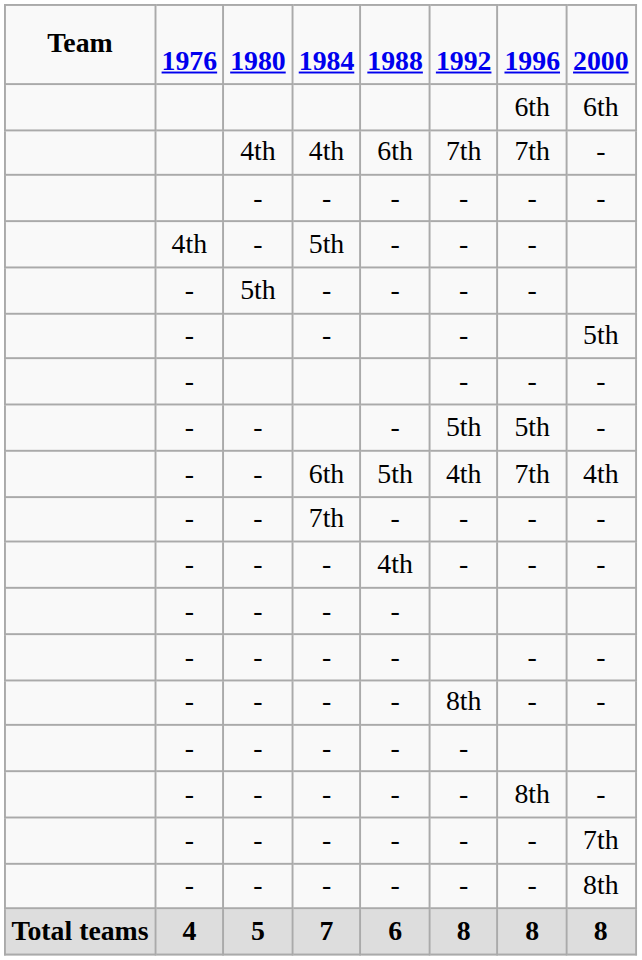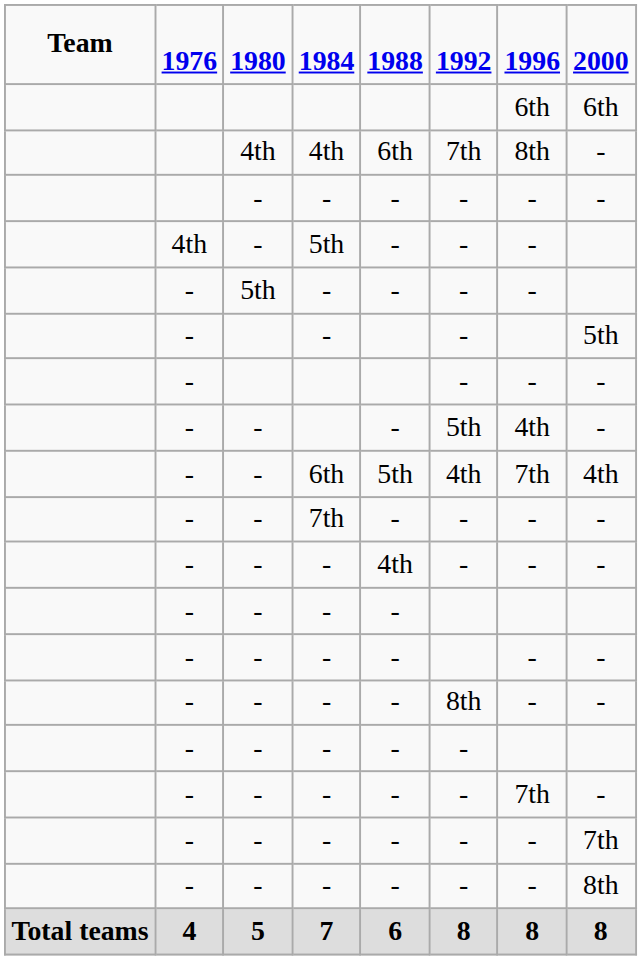 <table class="wikitable" style="text-align:center; font-size:90%">
 <tr bgcolor=>
 <td><strong>Team</strong></td>
 <td><strong><br><a href='#'>1976</a></strong></td>
 <td><strong><br><a href='#'>1980</a></strong></td>
 <td><strong><br><a href='#'>1984</a></strong></td>
 <td><strong><br><a href='#'>1988</a></strong></td>
 <td><strong><br><a href='#'>1992</a></strong></td>
 <td><strong><br><a href='#'>1996</a></strong></td>
 <td><strong><br><a href='#'>2000</a></strong></td>
 </tr>
 <tr>
 <td align=left></td>
 <td></td>
 <td></td>
 <td></td>
 <td></td>
 <td></td>
 <td>6th</td>
 <td>6th</td>
 </tr>
 <tr>
 <td align=left></td>
 <td></td>
 <td>4th</td>
 <td>4th</td>
 <td>6th</td>
 <td>7th</td>
-<td>7th</td>
+<td>8th</td>
 <td>-</td>
 </tr>
 <tr>
 <td align=left></td>
 <td></td>
 <td>-</td>
 <td>-</td>
 <td>-</td>
 <td>-</td>
 <td>-</td>
 <td>-</td>
 </tr>
 <tr>
 <td align=left></td>
 <td>4th</td>
 <td>-</td>
 <td>5th</td>
 <td>-</td>
 <td>-</td>
 <td>-</td>
 <td></td>
 </tr>
 <tr>
 <td align=left></td>
 <td>-</td>
 <td>5th</td>
 <td>-</td>
 <td>-</td>
 <td>-</td>
 <td>-</td>
 </tr>
 <tr>
 <td align=left></td>
 <td>-</td>
 <td></td>
 <td>-</td>
 <td></td>
 <td>-</td>
 <td></td>
 <td>5th</td>
 </tr>
 <tr>
 <td align=left></td>
 <td>-</td>
 <td></td>
 <td></td>
 <td></td>
 <td>-</td>
 <td>-</td>
 <td>-</td>
 </tr>
 <tr>
 <td align=left></td>
 <td>-</td>
 <td>-</td>
 <td></td>
 <td>-</td>
 <td>5th</td>
-<td>5th</td>
+<td>4th</td>
 <td>-</td>
 </tr>
 <tr>
 <td align=left></td>
 <td>-</td>
 <td>-</td>
 <td>6th</td>
 <td>5th</td>
 <td>4th</td>
 <td>7th</td>
 <td>4th</td>
 </tr>
 <tr>
 <td align=left></td>
 <td>-</td>
 <td>-</td>
 <td>7th</td>
 <td>-</td>
 <td>-</td>
 <td>-</td>
 <td>-</td>
 </tr>
 <tr>
 <td align=left></td>
 <td>-</td>
 <td>-</td>
 <td>-</td>
 <td>4th</td>
 <td>-</td>
 <td>-</td>
 <td>-</td>
 </tr>
 <tr>
 <td align=left></td>
 <td>-</td>
 <td>-</td>
 <td>-</td>
 <td>-</td>
 <td></td>
 <td></td>
 <td></td>
 </tr>
 <tr>
 <td align=left></td>
 <td>-</td>
 <td>-</td>
 <td>-</td>
 <td>-</td>
 <td></td>
 <td>-</td>
 <td>-</td>
 </tr>
 <tr>
 <td align=left></td>
 <td>-</td>
 <td>-</td>
 <td>-</td>
 <td>-</td>
 <td>8th</td>
 <td>-</td>
 <td>-</td>
 </tr>
 <tr>
 <td align=left></td>
 <td>-</td>
 <td>-</td>
 <td>-</td>
 <td>-</td>
 <td>-</td>
 <td></td>
 <td></td>
 </tr>
 <tr>
 <td align=left></td>
 <td>-</td>
 <td>-</td>
 <td>-</td>
 <td>-</td>
 <td>-</td>
-<td>8th</td>
+<td>7th</td>
 <td>-</td>
 </tr>
 <tr>
 <td align=left></td>
 <td>-</td>
 <td>-</td>
 <td>-</td>
 <td>-</td>
 <td>-</td>
 <td>-</td>
 <td>7th</td>
 </tr>
 <tr>
 <td align=left></td>
 <td>-</td>
 <td>-</td>
 <td>-</td>
 <td>-</td>
 <td>-</td>
 <td>-</td>
 <td>8th</td>
 </tr>
 <tr style="background:#ddd" class="sortbottom">
 <td align=left><strong>Total teams</strong></td>
 <td><strong>4</strong></td>
 <td><strong>5</strong></td>
 <td><strong>7</strong></td>
 <td><strong>6</strong></td>
 <td><strong>8</strong></td>
 <td><strong>8</strong></td>
 <td><strong>8</strong></td>
 </tr>
 </table>
